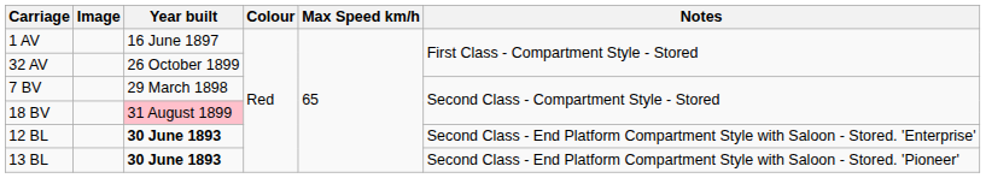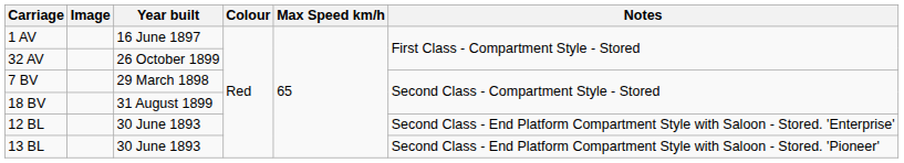 <table class="wikitable">
 <tr>
 <th>Carriage</th>
 <th>Image</th>
 <th>Year built</th>
 <th>Colour</th>
 <th>Max Speed km/h</th>
 <th>Notes</th>
 </tr>
 <tr>
 <td>1 AV</td>
 <td></td>
 <td>16 June 1897</td>
 <td rowspan="6">Red</td>
 <td rowspan="6">65</td>
 <td rowspan="2">First Class - Compartment Style - Stored</td>
 </tr>
 <tr>
 <td>32 AV</td>
 <td></td>
 <td>26 October 1899</td>
 </tr>
 <tr>
 <td>7 BV</td>
 <td></td>
 <td>29 March 1898</td>
 <td rowspan="2">Second Class - Compartment Style - Stored</td>
 </tr>
 <tr>
 <td>18 BV</td>
 <td></td>
-<td style="background: pink;">31 August 1899</td>
+<td>31 August 1899</td>
 </tr>
 <tr>
 <td>12 BL</td>
 <td></td>
-<td><strong>30 June 1893</strong></td>
+<td>30 June 1893</td>
 <td>Second Class - End Platform Compartment Style with Saloon - Stored. 'Enterprise'</td>
 </tr>
 <tr>
 <td>13 BL</td>
 <td></td>
-<td><strong>30 June 1893</strong></td>
+<td>30 June 1893</td>
 <td>Second Class - End Platform Compartment Style with Saloon - Stored. 'Pioneer'</td>
 </tr>
 </table>
